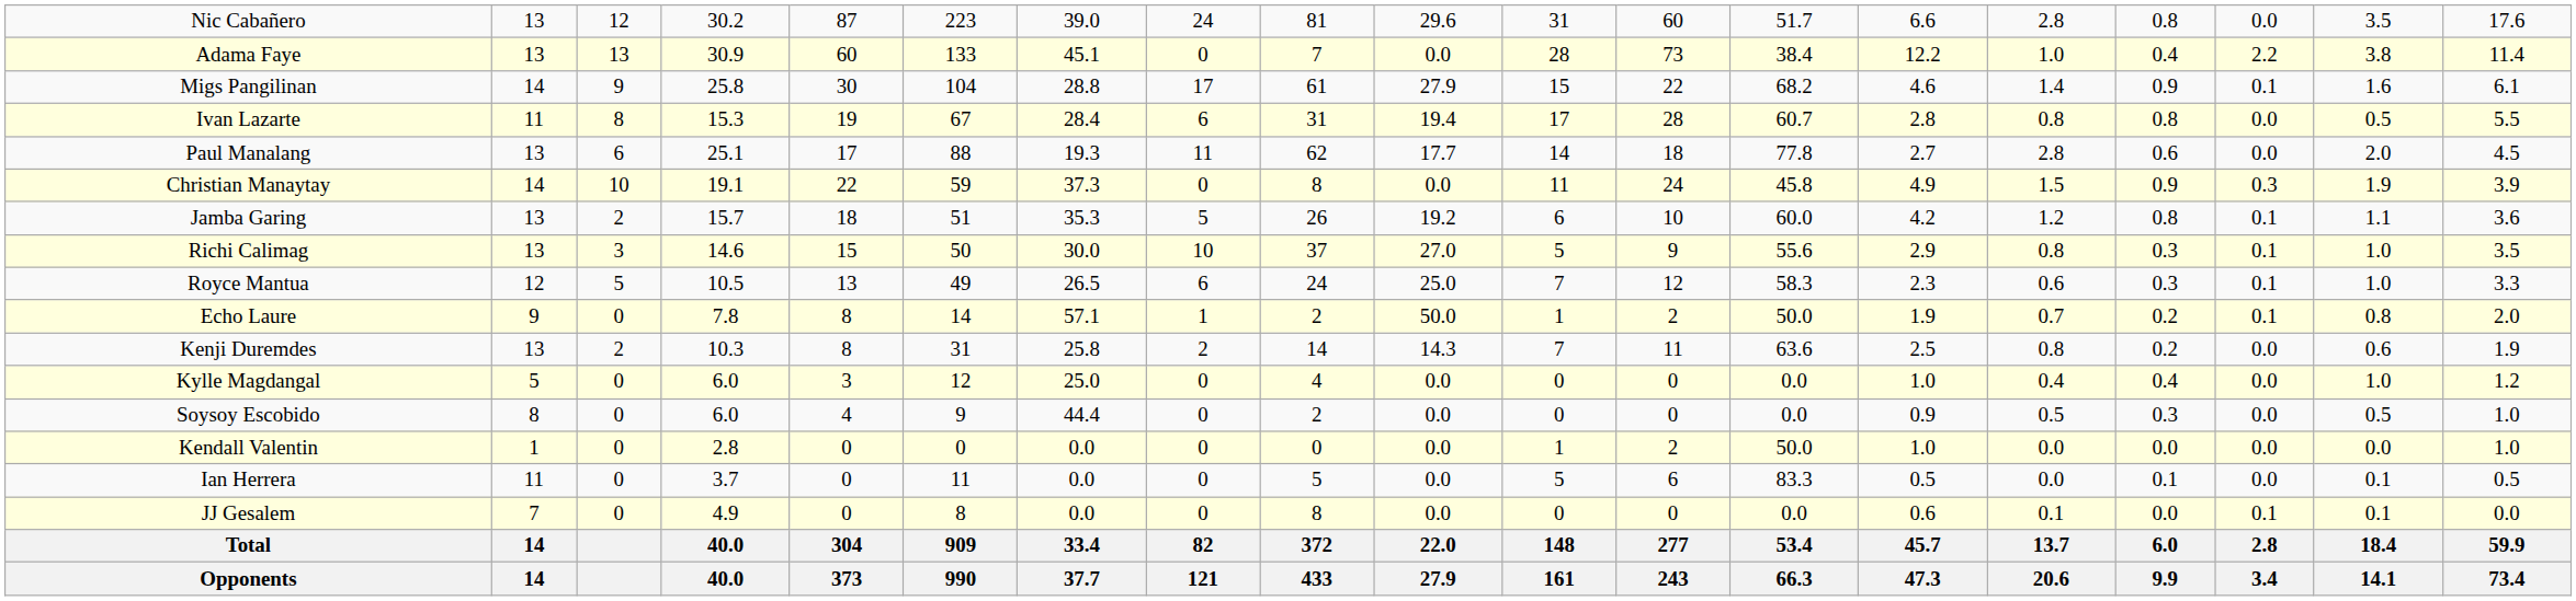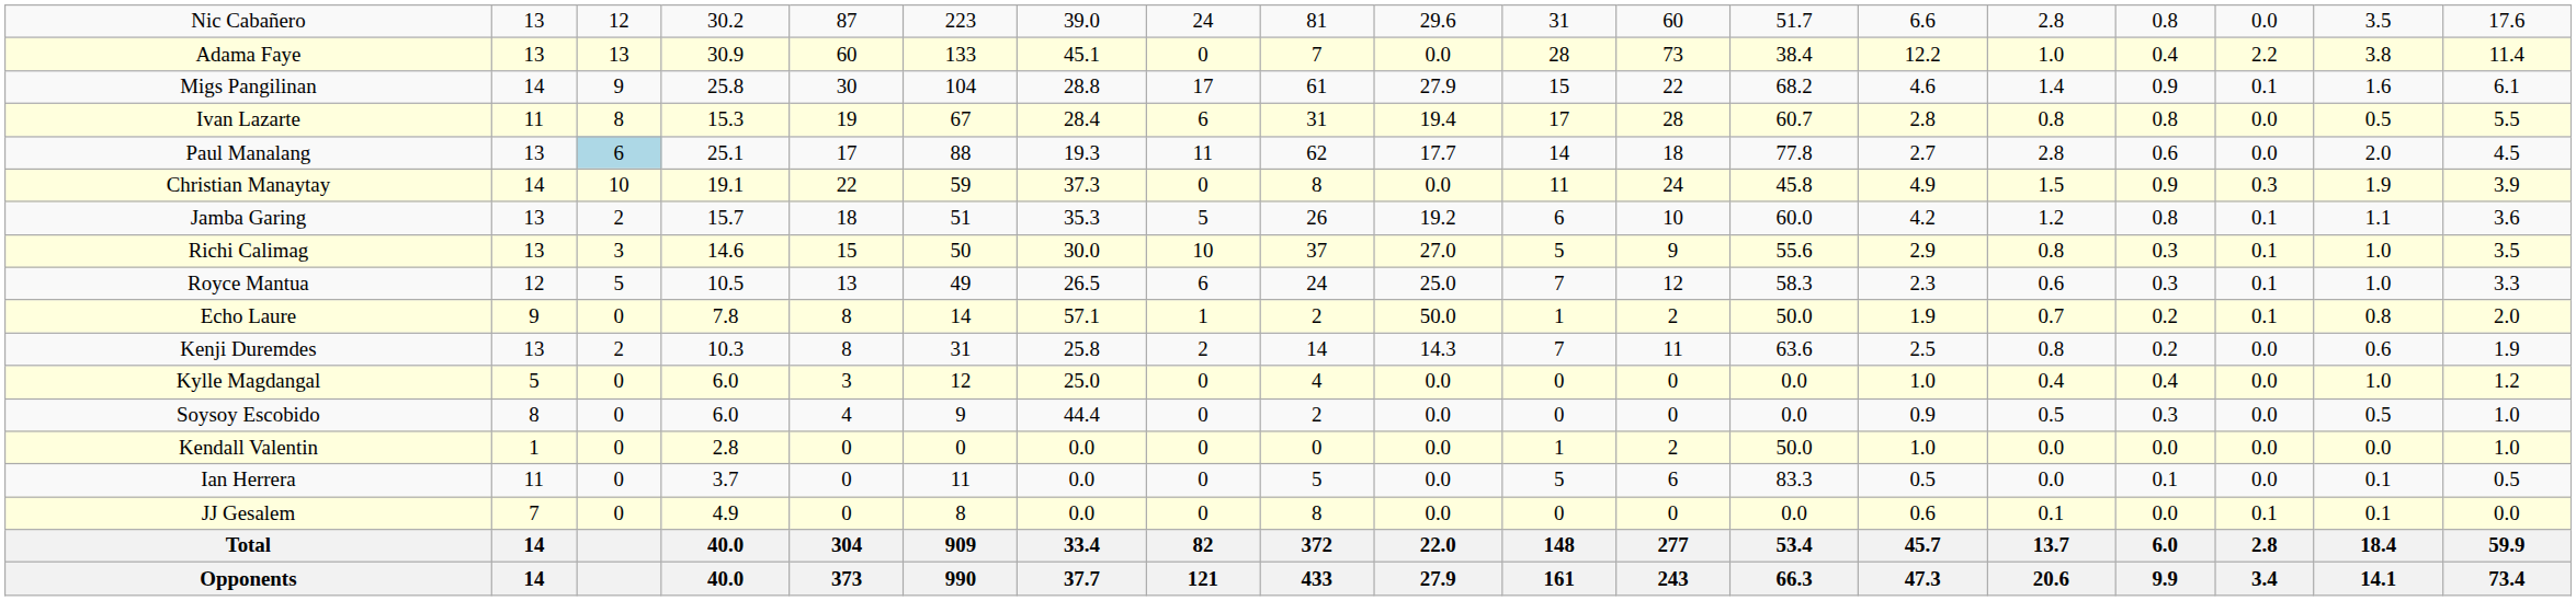 <table class=wikitable width=100%>
 <tr align=center>
 <td>Nic Cabañero</td>
 <td>13</td>
 <td>12</td>
 <td>30.2</td>
 <td style=>87</td>
 <td style=>223</td>
 <td>39.0</td>
 <td style=>24</td>
 <td style=>81</td>
 <td>29.6</td>
 <td style=>31</td>
 <td>60</td>
 <td>51.7</td>
 <td>6.6</td>
 <td style=>2.8</td>
 <td>0.8</td>
 <td>0.0</td>
 <td>3.5</td>
 <td style=>17.6</td>
 </tr>
 <tr bgcolor=#ffffdd align=center>
 <td>Adama Faye</td>
 <td>13</td>
 <td>13</td>
 <td style=>30.9</td>
 <td>60</td>
 <td>133</td>
 <td>45.1</td>
 <td>0</td>
 <td>7</td>
 <td>0.0</td>
 <td>28</td>
 <td style=>73</td>
 <td>38.4</td>
 <td style=>12.2</td>
 <td>1.0</td>
 <td>0.4</td>
 <td style=>2.2</td>
 <td>3.8</td>
 <td>11.4</td>
 </tr>
 <tr align=center>
 <td>Migs Pangilinan</td>
 <td>14</td>
 <td>9</td>
 <td>25.8</td>
 <td>30</td>
 <td>104</td>
 <td>28.8</td>
 <td>17</td>
 <td>61</td>
 <td>27.9</td>
 <td>15</td>
 <td>22</td>
 <td>68.2</td>
 <td>4.6</td>
 <td>1.4</td>
 <td style=>0.9</td>
 <td>0.1</td>
 <td>1.6</td>
 <td>6.1</td>
 </tr>
 <tr bgcolor=#ffffdd align=center>
 <td>Ivan Lazarte</td>
 <td>11</td>
 <td>8</td>
 <td>15.3</td>
 <td>19</td>
 <td>67</td>
 <td>28.4</td>
 <td>6</td>
 <td>31</td>
 <td>19.4</td>
 <td>17</td>
 <td>28</td>
 <td>60.7</td>
 <td>2.8</td>
 <td>0.8</td>
 <td>0.8</td>
 <td>0.0</td>
 <td>0.5</td>
 <td>5.5</td>
 </tr>
 <tr align=center>
 <td>Paul Manalang</td>
 <td>13</td>
-<td>6</td>
+<td style="background: lightblue;">6</td>
 <td>25.1</td>
 <td>17</td>
 <td>88</td>
 <td>19.3</td>
 <td>11</td>
 <td>62</td>
 <td>17.7</td>
 <td>14</td>
 <td>18</td>
 <td>77.8</td>
 <td>2.7</td>
 <td style=>2.8</td>
 <td>0.6</td>
 <td>0.0</td>
 <td>2.0</td>
 <td>4.5</td>
 </tr>
 <tr bgcolor=#ffffdd align=center>
 <td>Christian Manaytay</td>
 <td>14</td>
 <td>10</td>
 <td>19.1</td>
 <td>22</td>
 <td>59</td>
 <td>37.3</td>
 <td>0</td>
 <td>8</td>
 <td>0.0</td>
 <td>11</td>
 <td>24</td>
 <td>45.8</td>
 <td>4.9</td>
 <td>1.5</td>
 <td style=>0.9</td>
 <td>0.3</td>
 <td>1.9</td>
 <td>3.9</td>
 </tr>
 <tr align=center>
 <td>Jamba Garing</td>
 <td>13</td>
 <td>2</td>
 <td>15.7</td>
 <td>18</td>
 <td>51</td>
 <td>35.3</td>
 <td>5</td>
 <td>26</td>
 <td>19.2</td>
 <td>6</td>
 <td>10</td>
 <td>60.0</td>
 <td>4.2</td>
 <td>1.2</td>
 <td>0.8</td>
 <td>0.1</td>
 <td>1.1</td>
 <td>3.6</td>
 </tr>
 <tr bgcolor=#ffffdd align=center>
 <td>Richi Calimag</td>
 <td>13</td>
 <td>3</td>
 <td>14.6</td>
 <td>15</td>
 <td>50</td>
 <td>30.0</td>
 <td>10</td>
 <td>37</td>
 <td>27.0</td>
 <td>5</td>
 <td>9</td>
 <td>55.6</td>
 <td>2.9</td>
 <td>0.8</td>
 <td>0.3</td>
 <td>0.1</td>
 <td>1.0</td>
 <td>3.5</td>
 </tr>
 <tr align=center>
 <td>Royce Mantua</td>
 <td>12</td>
 <td>5</td>
 <td>10.5</td>
 <td>13</td>
 <td>49</td>
 <td>26.5</td>
 <td>6</td>
 <td>24</td>
 <td>25.0</td>
 <td>7</td>
 <td>12</td>
 <td>58.3</td>
 <td>2.3</td>
 <td>0.6</td>
 <td>0.3</td>
 <td>0.1</td>
 <td>1.0</td>
 <td>3.3</td>
 </tr>
 <tr bgcolor=#ffffdd align=center>
 <td>Echo Laure</td>
 <td>9</td>
 <td>0</td>
 <td>7.8</td>
 <td>8</td>
 <td>14</td>
 <td style=>57.1</td>
 <td>1</td>
 <td>2</td>
 <td style=>50.0</td>
 <td>1</td>
 <td>2</td>
 <td>50.0</td>
 <td>1.9</td>
 <td>0.7</td>
 <td>0.2</td>
 <td>0.1</td>
 <td>0.8</td>
 <td>2.0</td>
 </tr>
 <tr align=center>
 <td>Kenji Duremdes</td>
 <td>13</td>
 <td>2</td>
 <td>10.3</td>
 <td>8</td>
 <td>31</td>
 <td>25.8</td>
 <td>2</td>
 <td>14</td>
 <td>14.3</td>
 <td>7</td>
 <td>11</td>
 <td>63.6</td>
 <td>2.5</td>
 <td>0.8</td>
 <td>0.2</td>
 <td>0.0</td>
 <td>0.6</td>
 <td>1.9</td>
 </tr>
 <tr bgcolor=#ffffdd align=center>
 <td>Kylle Magdangal</td>
 <td>5</td>
 <td>0</td>
 <td>6.0</td>
 <td>3</td>
 <td>12</td>
 <td>25.0</td>
 <td>0</td>
 <td>4</td>
 <td>0.0</td>
 <td>0</td>
 <td>0</td>
 <td>0.0</td>
 <td>1.0</td>
 <td>0.4</td>
 <td>0.4</td>
 <td>0.0</td>
 <td>1.0</td>
 <td>1.2</td>
 </tr>
 <tr align=center>
 <td>Soysoy Escobido</td>
 <td>8</td>
 <td>0</td>
 <td>6.0</td>
 <td>4</td>
 <td>9</td>
 <td>44.4</td>
 <td>0</td>
 <td>2</td>
 <td>0.0</td>
 <td>0</td>
 <td>0</td>
 <td>0.0</td>
 <td>0.9</td>
 <td>0.5</td>
 <td>0.3</td>
 <td>0.0</td>
 <td>0.5</td>
 <td>1.0</td>
 </tr>
 <tr bgcolor=#ffffdd align=center>
 <td>Kendall Valentin</td>
 <td>1</td>
 <td>0</td>
 <td>2.8</td>
 <td>0</td>
 <td>0</td>
 <td>0.0</td>
 <td>0</td>
 <td>0</td>
 <td>0.0</td>
 <td>1</td>
 <td>2</td>
 <td>50.0</td>
 <td>1.0</td>
 <td>0.0</td>
 <td>0.0</td>
 <td>0.0</td>
 <td>0.0</td>
 <td>1.0</td>
 </tr>
 <tr align=center>
 <td>Ian Herrera</td>
 <td>11</td>
 <td>0</td>
 <td>3.7</td>
 <td>0</td>
 <td>11</td>
 <td>0.0</td>
 <td>0</td>
 <td>5</td>
 <td>0.0</td>
 <td>5</td>
 <td>6</td>
 <td style=>83.3</td>
 <td>0.5</td>
 <td>0.0</td>
 <td>0.1</td>
 <td>0.0</td>
 <td>0.1</td>
 <td>0.5</td>
 </tr>
 <tr bgcolor=#ffffdd align=center>
 <td>JJ Gesalem</td>
 <td>7</td>
 <td>0</td>
 <td>4.9</td>
 <td>0</td>
 <td>8</td>
 <td>0.0</td>
 <td>0</td>
 <td>8</td>
 <td>0.0</td>
 <td>0</td>
 <td>0</td>
 <td>0.0</td>
 <td>0.6</td>
 <td>0.1</td>
 <td>0.0</td>
 <td>0.1</td>
 <td>0.1</td>
 <td>0.0</td>
 </tr>
 <tr class=sortbottom>
 <th>Total</th>
 <th>14</th>
 <th></th>
 <th>40.0</th>
 <th>304</th>
 <th>909</th>
 <th>33.4</th>
 <th>82</th>
 <th>372</th>
 <th>22.0</th>
 <th>148</th>
 <th>277</th>
 <th>53.4</th>
 <th>45.7</th>
 <th>13.7</th>
 <th>6.0</th>
 <th>2.8</th>
 <th>18.4</th>
 <th>59.9</th>
 </tr>
 <tr class=sortbottom>
 <th>Opponents</th>
 <th>14</th>
 <th></th>
 <th>40.0</th>
 <th>373</th>
 <th>990</th>
 <th>37.7</th>
 <th>121</th>
 <th>433</th>
 <th>27.9</th>
 <th>161</th>
 <th>243</th>
 <th>66.3</th>
 <th>47.3</th>
 <th>20.6</th>
 <th>9.9</th>
 <th>3.4</th>
 <th>14.1</th>
 <th>73.4</th>
 </tr>
 </table>
